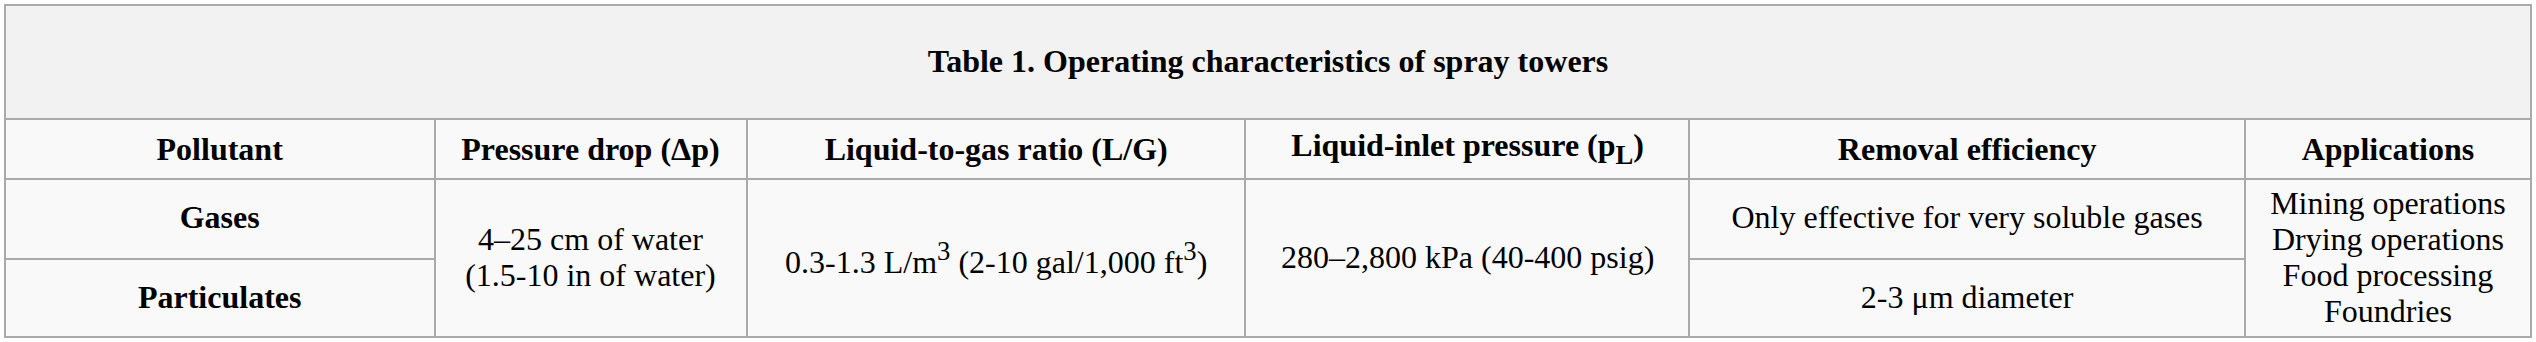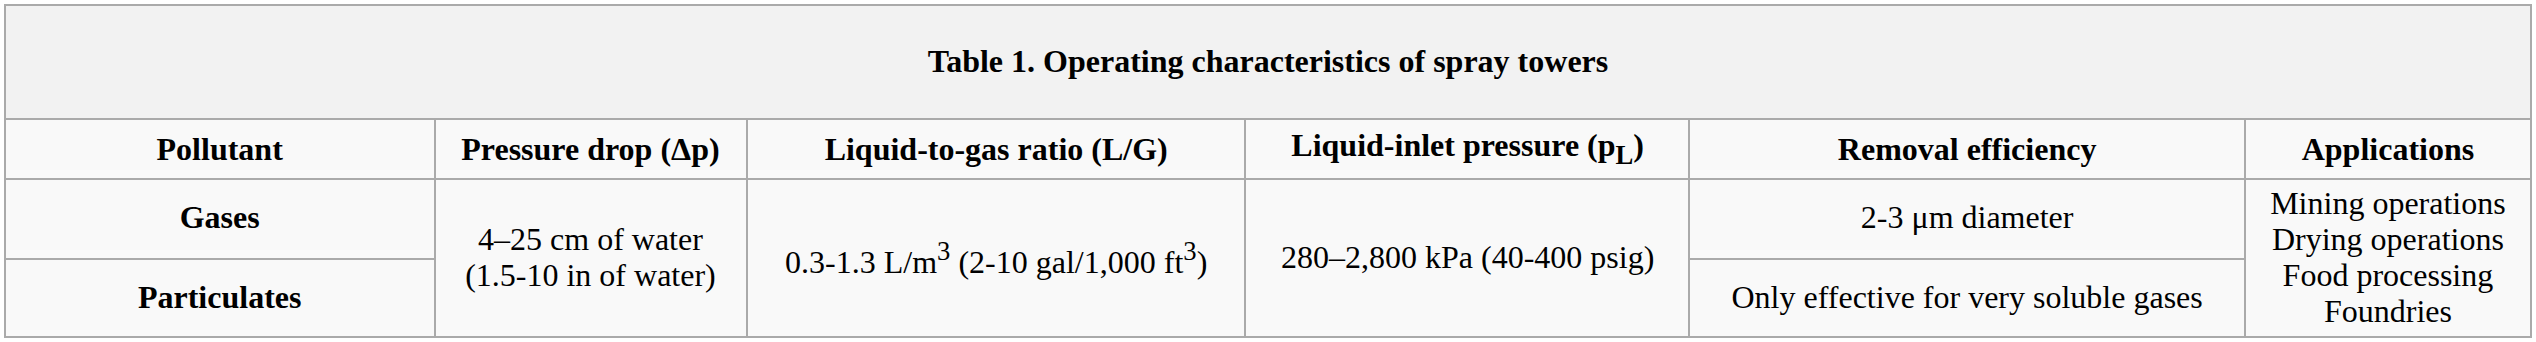 <table class="wikitable" style="width:100%; align:center; cellpadding:2; cellspacing:1">
 <tr>
 <th colspan="6" style="height:50px; align:center">Table 1. Operating characteristics of spray towers</th>
 </tr>
 <tr>
 <td align="center" width="17%"><strong>Pollutant</strong></td>
 <td align="center"><strong>Pressure drop (Δp)</strong></td>
 <td align="center"><strong>Liquid-to-gas ratio (L/G)</strong></td>
 <td align="center"><strong>Liquid-inlet pressure (p<sub>L</sub>)</strong></td>
 <td align="center"><strong>Removal efficiency</strong></td>
 <td align="center"><strong>Applications</strong></td>
 </tr>
 <tr>
 <td align="center" width="17%"><strong>Gases</strong></td>
 <td align="center" rowspan="2">4–25 cm of water<br>(1.5-10 in of water)</td>
 <td align="center" rowspan="2">0.3-1.3 L/m<sup>3</sup> (2-10 gal/1,000 ft<sup>3</sup>)</td>
 <td align="center" rowspan="2">280–2,800 kPa (40-400 psig)</td>
-<td align="center">Only effective for very soluble gases</td>
+<td align="center">2-3 μm diameter</td>
 <td align="center" rowspan="2">Mining operations<br>Drying operations<br>Food processing<br>Foundries</td>
 </tr>
 <tr>
 <td align="center" width="17%"><strong>Particulates</strong></td>
-<td align="center">2-3 μm diameter</td>
+<td align="center">Only effective for very soluble gases</td>
 </tr>
 </table>
